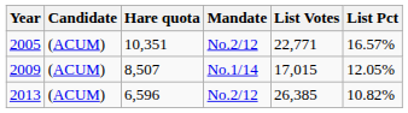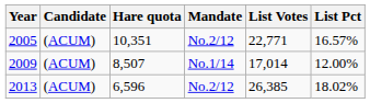 <table class="wikitable" style="margin:0.5em ; font-size:95%">
 <tr>
 <th>Year</th>
 <th>Candidate</th>
 <th>Hare quota</th>
 <th>Mandate</th>
 <th>List Votes</th>
 <th>List Pct</th>
 </tr>
 <tr>
 <td><a href='#'>2005</a></td>
 <td> (<a href='#'>ACUM</a>)</td>
 <td>10,351</td>
 <td><a href='#'>No.2/12</a></td>
 <td>22,771</td>
 <td>16.57%</td>
 </tr>
 <tr>
 <td><a href='#'>2009</a></td>
 <td> (<a href='#'>ACUM</a>)</td>
 <td>8,507</td>
 <td><a href='#'>No.1/14</a></td>
-<td>17,015</td>
-<td>12.05%</td>
+<td>17,014</td>
+<td>12.00%</td>
 </tr>
 <tr>
 <td><a href='#'>2013</a></td>
 <td> (<a href='#'>ACUM</a>)</td>
 <td>6,596</td>
 <td><a href='#'>No.2/12</a></td>
 <td>26,385</td>
-<td>10.82%</td>
+<td>18.02%</td>
 </tr>
 </table>
